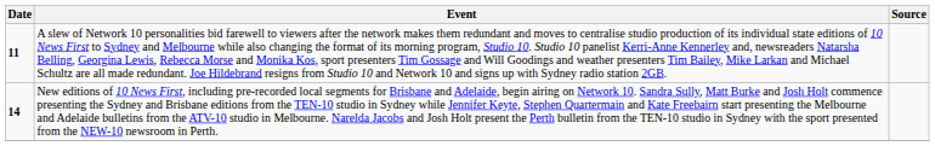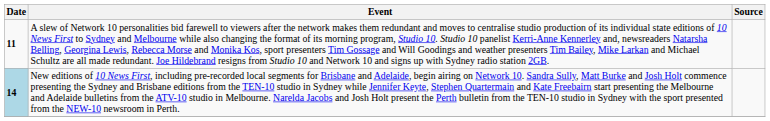 <table class="wikitable">
 <tr>
 <th>Date</th>
 <th>Event</th>
 <th>Source</th>
 </tr>
 <tr>
 <td><strong>11</strong></td>
 <td>A slew of Network 10 personalities bid farewell to viewers after the network makes them redundant and moves to centralise studio production of its individual state editions of <em><a href='#'>10 News First</a></em> to <a href='#'>Sydney</a> and <a href='#'>Melbourne</a> while also changing the format of its morning program, <em><a href='#'>Studio 10</a></em>.  <em>Studio 10</em> panelist <a href='#'>Kerri-Anne Kennerley</a> and, newsreaders <a href='#'>Natarsha Belling</a>, <a href='#'>Georgina Lewis</a>, <a href='#'>Rebecca Morse</a> and <a href='#'>Monika Kos</a>, sport presenters <a href='#'>Tim Gossage</a> and Will Goodings and weather presenters <a href='#'>Tim Bailey</a>, <a href='#'>Mike Larkan</a> and Michael Schultz are all made redundant. <a href='#'>Joe Hildebrand</a> resigns from <em>Studio 10</em> and Network 10 and signs up with Sydney radio station <a href='#'>2GB</a>.</td>
 <td></td>
 </tr>
 <tr>
-<td><strong>14</strong></td>
+<td style="background: lightblue;"><strong>14</strong></td>
 <td>New editions of <em><a href='#'>10 News First</a></em>, including pre-recorded local segments for <a href='#'>Brisbane</a> and <a href='#'>Adelaide</a>, begin airing on <a href='#'>Network 10</a>.  <a href='#'>Sandra Sully</a>, <a href='#'>Matt Burke</a> and <a href='#'>Josh Holt</a> commence presenting the Sydney and Brisbane editions from the <a href='#'>TEN-10</a> studio in Sydney while <a href='#'>Jennifer Keyte</a>, <a href='#'>Stephen Quartermain</a> and <a href='#'>Kate Freebairn</a> start presenting the Melbourne and Adelaide bulletins from the <a href='#'>ATV-10</a> studio in Melbourne.  <a href='#'>Narelda Jacobs</a> and Josh Holt present the <a href='#'>Perth</a> bulletin from the TEN-10 studio in Sydney with the sport presented from the <a href='#'>NEW-10</a> newsroom in Perth.</td>
 <td></td>
 </tr>
 <tr>
 </tr>
 </table>
